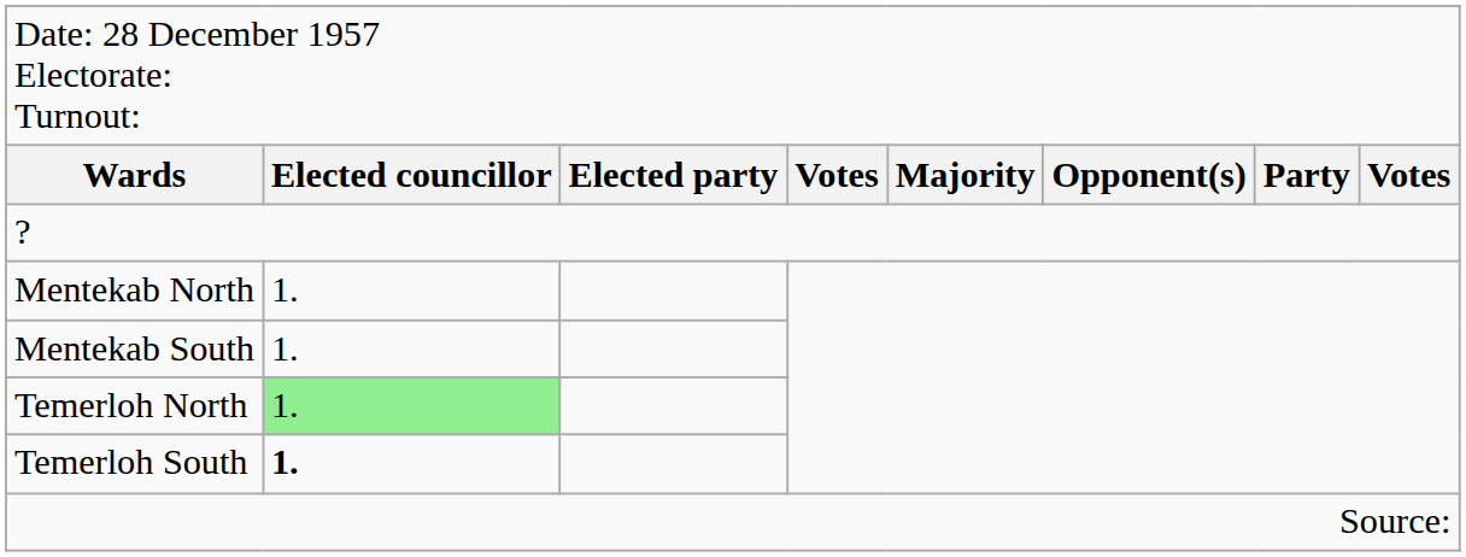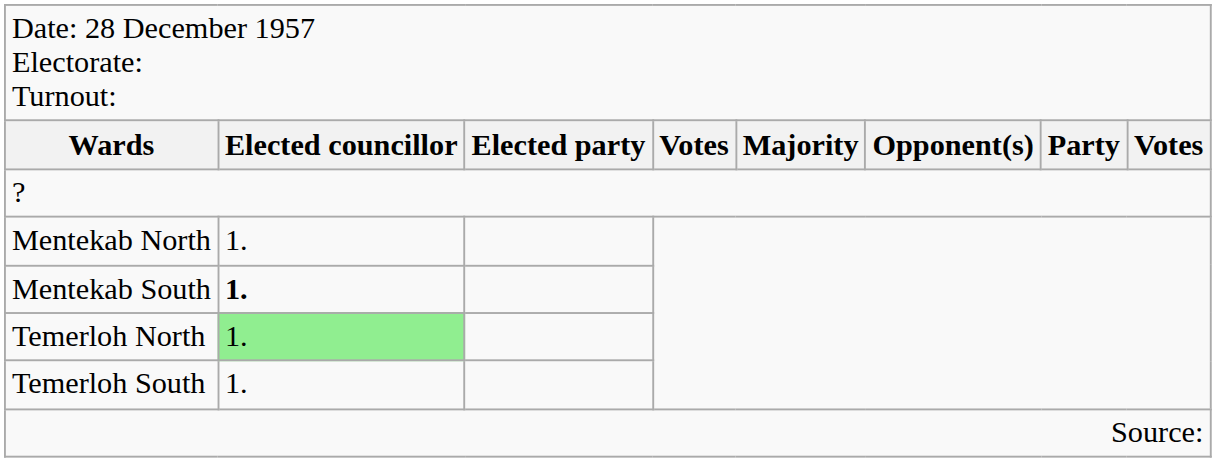 <table class=wikitable>
 <tr>
 <td colspan=8>Date: 28 December 1957<br>Electorate: <br>Turnout:</td>
 </tr>
 <tr>
 <th>Wards</th>
 <th>Elected councillor</th>
 <th>Elected party</th>
 <th>Votes</th>
 <th>Majority</th>
 <th>Opponent(s)</th>
 <th>Party</th>
 <th>Votes</th>
 </tr>
 <tr>
 <td colspan=8>? </td>
 </tr>
 <tr>
 <td>Mentekab North</td>
 <td>1.</td>
 <td></td>
 </tr>
 <tr>
 <td>Mentekab South</td>
-<td>1.</td>
+<td><strong>1.</strong></td>
 <td></td>
 </tr>
 <tr>
 <td>Temerloh North</td>
 <td style="background: lightgreen;">1.</td>
 <td></td>
 </tr>
 <tr>
 <td>Temerloh South</td>
-<td><strong>1.</strong></td>
+<td>1.</td>
 <td></td>
 </tr>
 <tr>
 <td colspan=8 align=right>Source: </td>
 </tr>
 </table>
